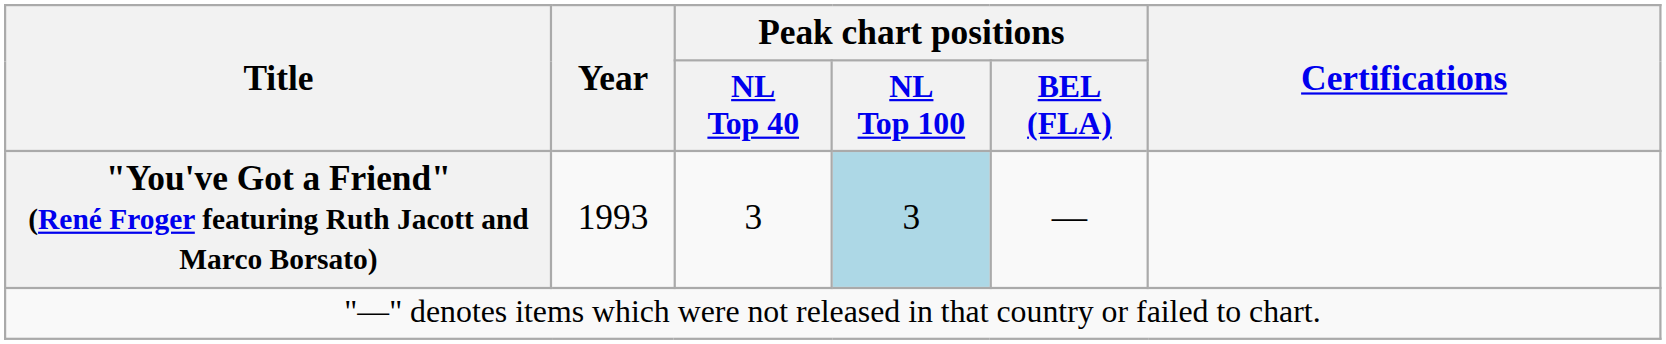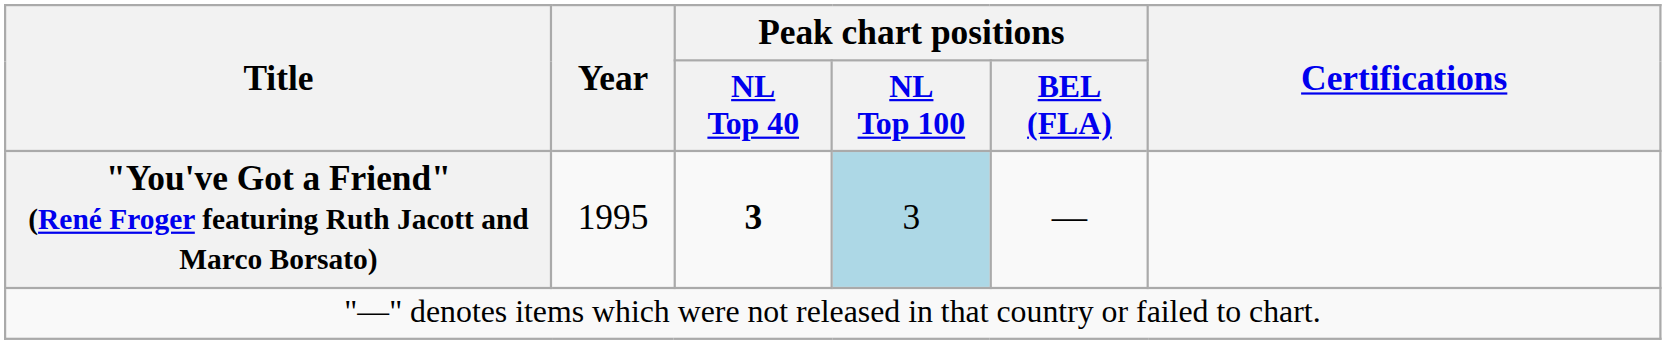 <table class="wikitable plainrowheaders" style="text-align:center;" border="1">
 <tr>
 <th scope="col" rowspan="2" style="width:15em;">Title</th>
 <th scope="col" rowspan="2" style="width:3em;">Year</th>
 <th scope="col" colspan="3">Peak chart positions</th>
 <th scope="col" rowspan="2" style="width:14em;"><a href='#'>Certifications</a></th>
 </tr>
 <tr>
 <th scope="col" style="width:4.5em;font-size:90%;"><a href='#'>NL<br>Top 40</a><br></th>
 <th scope="col" style="width:4.5em;font-size:90%;"><a href='#'>NL<br>Top 100</a><br></th>
 <th scope="col" style="width:4.5em;font-size:90%;"><a href='#'>BEL<br>(FLA)</a><br></th>
 </tr>
 <tr>
 <th scope="row">"You've Got a Friend"<br><small>(<a href='#'>René Froger</a> featuring Ruth Jacott and Marco Borsato)</small></th>
-<td rowspan="1">1993</td>
-<td>3</td>
+<td rowspan="1">1995</td>
+<td><strong>3</strong></td>
 <td style="background: lightblue;">3</td>
 <td>—</td>
 <td></td>
 </tr>
 <tr>
 <td colspan="7" align="center" style="font-size:90%;">"—" denotes items which were not released in that country or failed to chart.</td>
 </tr>
 </table>
